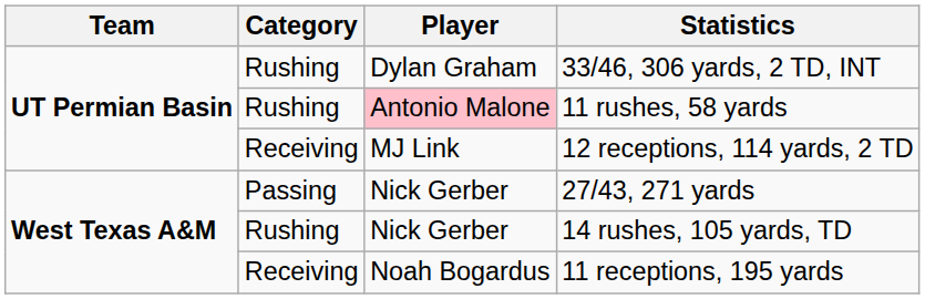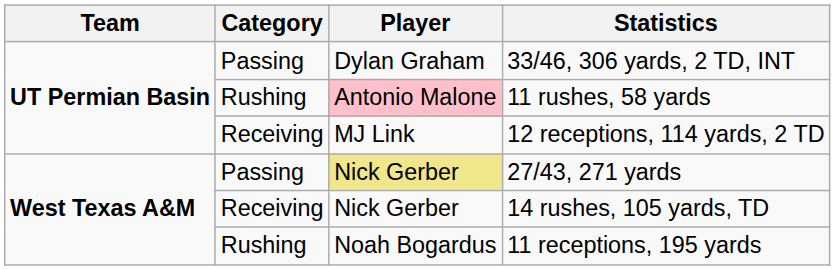 <table class="wikitable" style="float: left;">
 <tr>
 <th>Team</th>
 <th>Category</th>
 <th>Player</th>
 <th>Statistics</th>
 </tr>
 <tr>
 <td rowspan=3><strong>UT Permian Basin</strong></td>
-<td>Rushing</td>
+<td>Passing</td>
 <td>Dylan Graham</td>
 <td>33/46, 306 yards, 2 TD, INT</td>
 </tr>
 <tr>
 <td>Rushing</td>
 <td style="background: pink;">Antonio Malone</td>
 <td>11 rushes, 58 yards</td>
 </tr>
 <tr>
 <td>Receiving</td>
 <td>MJ Link</td>
 <td>12 receptions, 114 yards, 2 TD</td>
 </tr>
 <tr>
 <td rowspan=3><strong>West Texas A&M</strong></td>
 <td>Passing</td>
-<td>Nick Gerber</td>
+<td style="background: khaki;">Nick Gerber</td>
 <td>27/43, 271 yards</td>
 </tr>
 <tr>
-<td>Rushing</td>
+<td>Receiving</td>
 <td>Nick Gerber</td>
 <td>14 rushes, 105 yards, TD</td>
 </tr>
 <tr>
-<td>Receiving</td>
+<td>Rushing</td>
 <td>Noah Bogardus</td>
 <td>11 receptions, 195 yards</td>
 </tr>
 </table>
